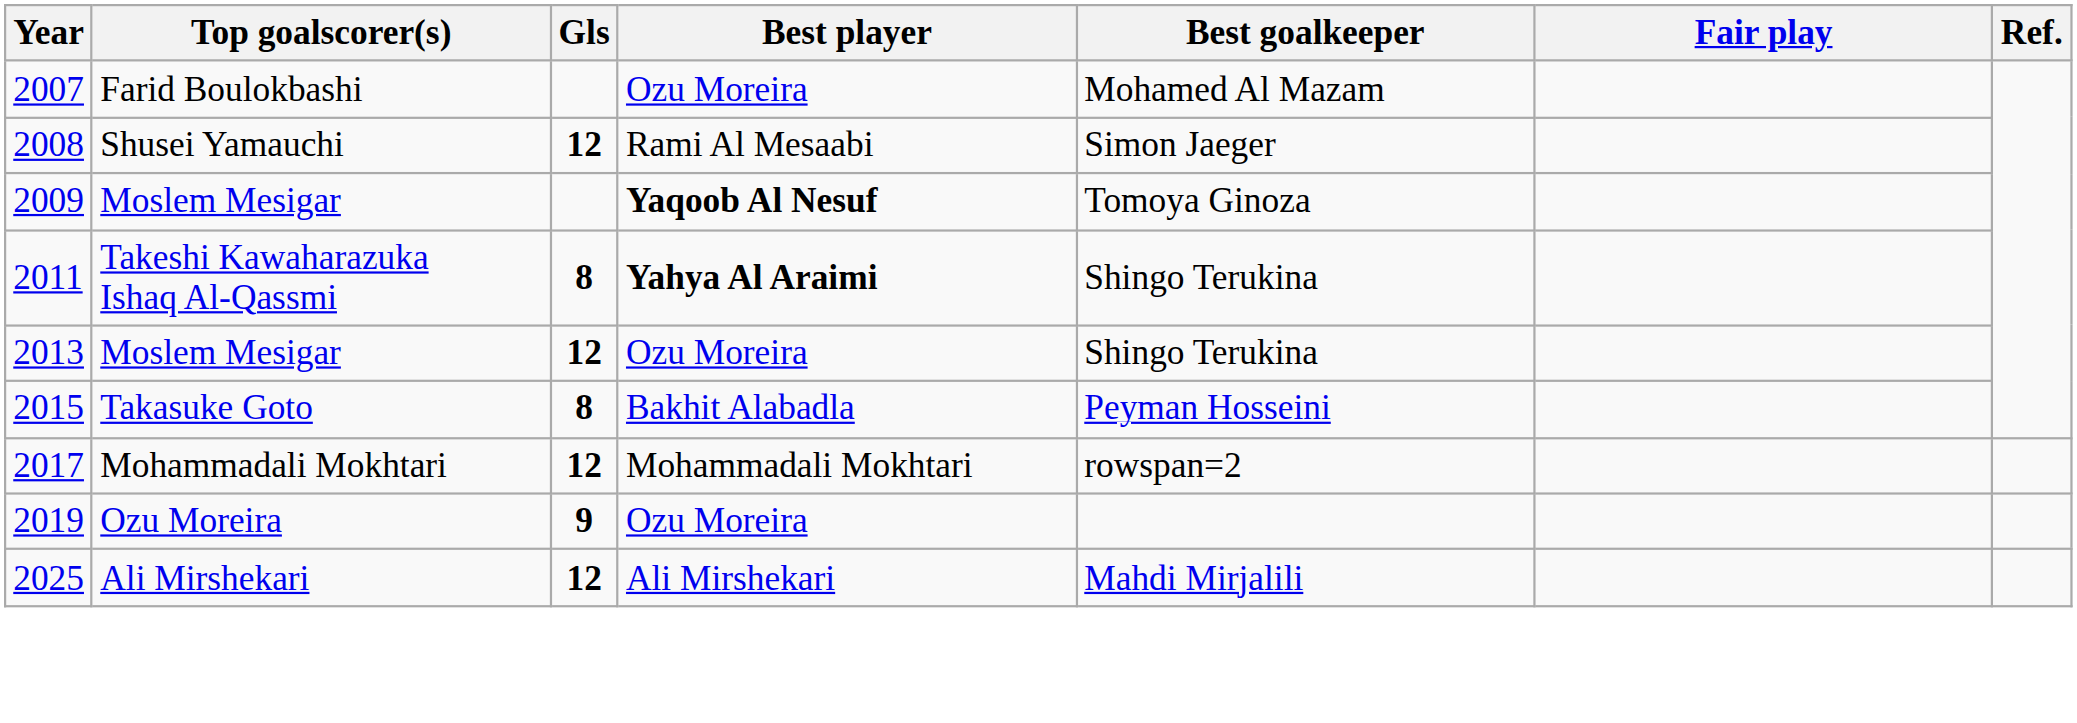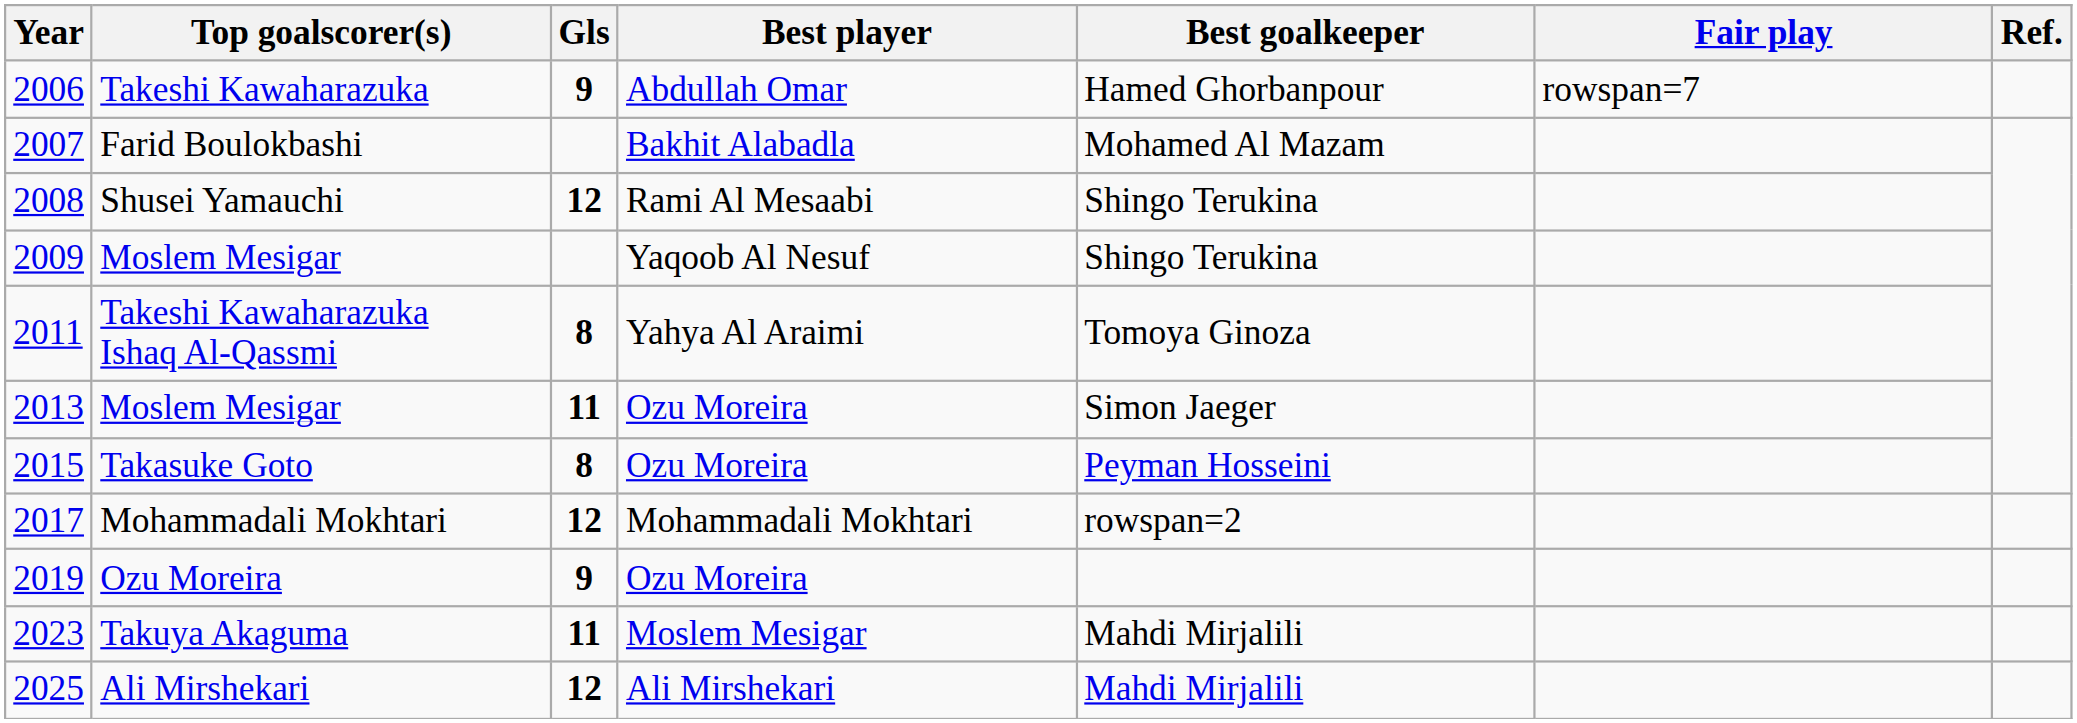 <table class="wikitable">
 <tr>
 <th>Year</th>
 <th width=200>Top goalscorer(s)</th>
 <th>Gls</th>
 <th width=200>Best player</th>
 <th width=200>Best goalkeeper</th>
 <th width=200><a href='#'>Fair play</a></th>
 <th>Ref.</th>
 </tr>
 <tr>
+<td> <a href='#'>2006</a></td>
+<td> <a href='#'>Takeshi Kawaharazuka</a></td>
+<td align=center><strong>9</strong></td>
+<td> <a href='#'>Abdullah Omar</a></td>
+<td> Hamed Ghorbanpour</td>
+<td>rowspan=7 </td>
+<td></td>
+</tr>
+<tr>
 <td> <a href='#'>2007</a></td>
 <td> Farid Boulokbashi</td>
 <td align=center></td>
-<td> <a href='#'>Ozu Moreira</a></td>
+<td> <a href='#'>Bakhit Alabadla</a></td>
 <td> Mohamed Al Mazam</td>
 <td></td>
 </tr>
 <tr>
 <td> <a href='#'>2008</a></td>
 <td> Shusei Yamauchi</td>
 <td align=center><strong>12</strong></td>
 <td> Rami Al Mesaabi</td>
-<td> Simon Jaeger</td>
+<td> Shingo Terukina</td>
 <td></td>
 </tr>
 <tr>
 <td> <a href='#'>2009</a></td>
 <td> <a href='#'>Moslem Mesigar</a></td>
 <td align=center></td>
-<td><strong> Yaqoob Al Nesuf</strong></td>
-<td> Tomoya Ginoza</td>
+<td> Yaqoob Al Nesuf</td>
+<td> Shingo Terukina</td>
 <td></td>
 </tr>
 <tr>
 <td> <a href='#'>2011</a></td>
 <td> <a href='#'>Takeshi Kawaharazuka</a><br> <a href='#'>Ishaq Al-Qassmi</a></td>
 <td align=center><strong>8</strong></td>
-<td><strong> Yahya Al Araimi</strong></td>
-<td> Shingo Terukina</td>
+<td> Yahya Al Araimi</td>
+<td> Tomoya Ginoza</td>
 <td></td>
 </tr>
 <tr>
 <td> <a href='#'>2013</a></td>
 <td> <a href='#'>Moslem Mesigar</a></td>
-<td align=center><strong>12</strong></td>
+<td align=center><strong>11</strong></td>
 <td> <a href='#'>Ozu Moreira</a></td>
-<td> Shingo Terukina</td>
+<td> Simon Jaeger</td>
 <td></td>
 </tr>
 <tr>
 <td> <a href='#'>2015</a></td>
 <td> <a href='#'>Takasuke Goto</a></td>
 <td align=center><strong>8</strong></td>
-<td> <a href='#'>Bakhit Alabadla</a></td>
+<td> <a href='#'>Ozu Moreira</a></td>
 <td> <a href='#'>Peyman Hosseini</a></td>
 <td></td>
 </tr>
 <tr>
 <td> <a href='#'>2017</a></td>
 <td> Mohammadali Mokhtari</td>
 <td align=center><strong>12</strong></td>
 <td> Mohammadali Mokhtari</td>
 <td>rowspan=2 </td>
 <td></td>
 <td></td>
 </tr>
 <tr>
 <td> <a href='#'>2019</a></td>
 <td> <a href='#'>Ozu Moreira</a></td>
 <td align=center><strong>9</strong></td>
 <td> <a href='#'>Ozu Moreira</a></td>
 <td></td>
 <td></td>
 </tr>
 <tr>
+<td> <a href='#'>2023</a></td>
+<td> <a href='#'>Takuya Akaguma</a></td>
+<td align=center><strong>11</strong></td>
+<td> <a href='#'>Moslem Mesigar</a></td>
+<td> Mahdi Mirjalili</td>
+<td></td>
+<td></td>
+</tr>
+<tr>
 <td> <a href='#'>2025</a></td>
 <td> <a href='#'>Ali Mirshekari</a></td>
 <td align=center><strong>12</strong></td>
 <td> <a href='#'>Ali Mirshekari</a></td>
 <td> <a href='#'>Mahdi Mirjalili</a></td>
 <td></td>
 <td></td>
 </tr>
 </table>
